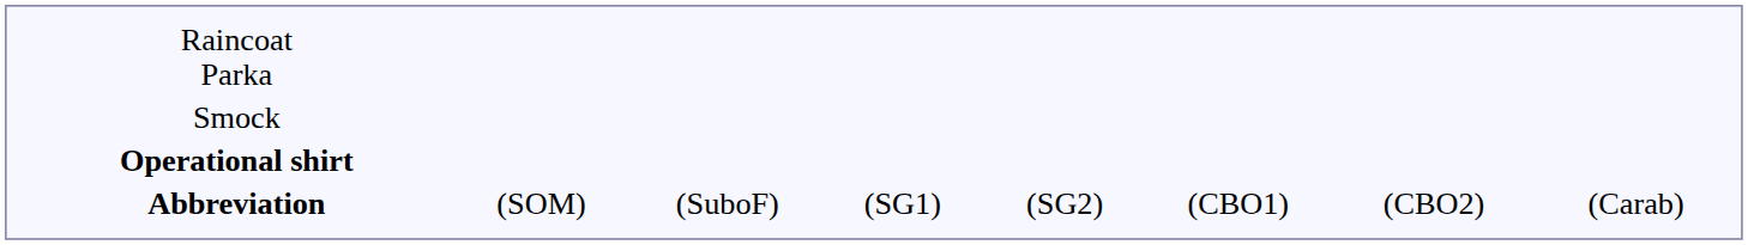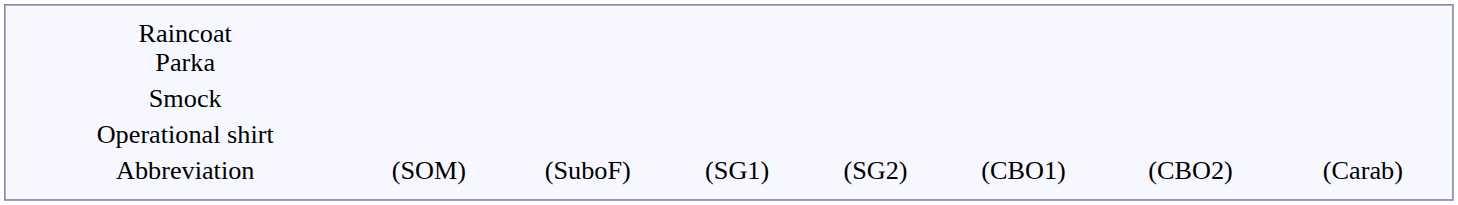 <table style="border:1px solid #8888aa; background-color:#f7f8ff; padding:5px; font-size:100%; margin: 0px 12px 12px 0px;width:100%">
 <tr align=center>
 <td>Raincoat<br>Parka</td>
 <td colspan=6></td>
 <td colspan=2></td>
 <td colspan=2></td>
 <td colspan=6 rowspan=4></td>
 <td colspan=6></td>
 <td colspan=4></td>
 <td colspan=2></td>
 <td colspan=6 rowspan=4></td>
 <td colspan=2></td>
 </tr>
 <tr align="center">
 <td>Smock</td>
 <td colspan=6></td>
 <td colspan=2></td>
 </tr>
 <tr align="center">
-<td><strong>Operational shirt</strong></td>
+<td>Operational shirt</td>
 <td colspan=6></td>
 <td colspan=2></td>
 <td colspan=2></td>
 <td colspan=6></td>
 <td colspan=4></td>
 <td colspan=2></td>
 <td colspan=2></td>
 </tr>
 <tr align="center">
-<td><strong>Abbreviation</strong></td>
+<td>Abbreviation</td>
 <td colspan=6>(SOM)</td>
 <td colspan=2>(SuboF)</td>
 <td colspan=2>(SG1)</td>
 <td colspan=6>(SG2)</td>
 <td colspan=4>(CBO1)</td>
 <td colspan=2>(CBO2)</td>
 <td colspan=2>(Carab)</td>
 </tr>
 </table>
